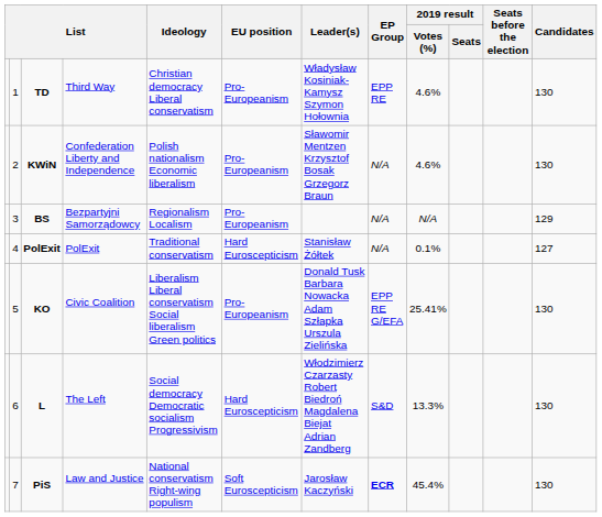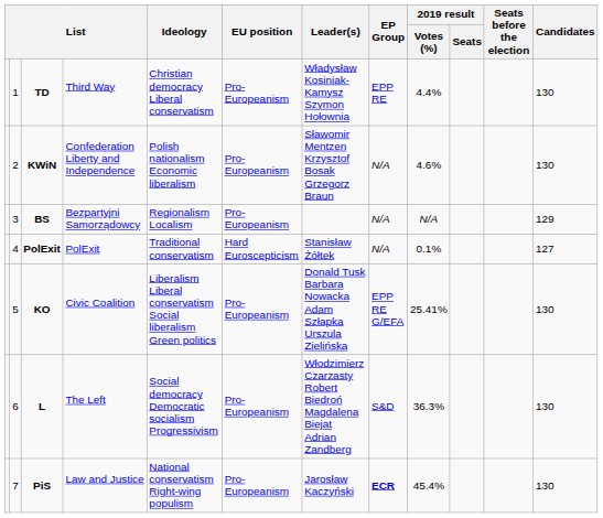 <table class="wikitable mw-collapsible">
 <tr>
 <th colspan="4" rowspan="2">List</th>
 <th rowspan="2">Ideology</th>
 <th rowspan="2">EU position</th>
 <th rowspan="2">Leader(s)</th>
 <th rowspan="2">EP Group</th>
 <th colspan="2">2019 result</th>
 <th rowspan="2">Seats before the election</th>
 <th rowspan="2">Candidates</th>
 </tr>
 <tr>
 <th>Votes (%)</th>
 <th>Seats</th>
 </tr>
 <tr>
 <td style="background:"></td>
 <td>1</td>
 <td style="text-align:center;"><strong>TD</strong></td>
 <td><a href='#'>Third Way</a><br><br></td>
 <td><a href='#'>Christian democracy</a><br><a href='#'>Liberal conservatism</a></td>
 <td><a href='#'>Pro-Europeanism</a></td>
 <td><a href='#'>Władysław Kosiniak-Kamysz</a><br><a href='#'>Szymon Hołownia</a></td>
 <td><a href='#'>EPP</a><br><a href='#'>RE</a></td>
-<td style="text-align:center;">4.6%</td>
+<td style="text-align:center;">4.4%</td>
 <td></td>
 <td></td>
 <td>130</td>
 </tr>
 <tr>
 <td style="background:"></td>
 <td>2</td>
 <td style="text-align:center;"><strong>KWiN</strong></td>
 <td><a href='#'>Confederation Liberty and Independence</a><br><br></td>
 <td><a href='#'>Polish nationalism</a><br><a href='#'>Economic liberalism</a></td>
 <td><a href='#'>Pro-Europeanism</a></td>
 <td><a href='#'>Sławomir Mentzen</a><br><a href='#'>Krzysztof Bosak</a><br><a href='#'>Grzegorz Braun</a></td>
 <td><em>N/A</em></td>
 <td style="text-align:center;">4.6%</td>
 <td></td>
 <td></td>
 <td>130</td>
 </tr>
 <tr>
 <td style="background:"></td>
 <td>3</td>
 <td style="text-align:center;"><strong>BS</strong></td>
 <td><a href='#'>Bezpartyjni Samorządowcy</a><br></td>
 <td><a href='#'>Regionalism</a><br><a href='#'>Localism</a></td>
 <td><a href='#'>Pro-Europeanism</a></td>
 <td></td>
 <td><em>N/A</em></td>
 <td style="text-align:center;"><em>N/A</em></td>
 <td></td>
 <td></td>
 <td>129</td>
 </tr>
 <tr>
 <td style="background:"></td>
 <td>4</td>
 <td style="text-align:center;"><strong>PolExit</strong></td>
 <td><a href='#'>PolExit</a><br></td>
 <td><a href='#'>Traditional conservatism</a></td>
 <td><a href='#'>Hard Euroscepticism</a></td>
 <td><a href='#'>Stanisław Żółtek</a></td>
 <td><em>N/A</em></td>
 <td style="text-align:center;">0.1%</td>
 <td></td>
 <td></td>
 <td>127</td>
 </tr>
 <tr>
 <td style="background:"></td>
 <td>5</td>
 <td style="text-align:center;"><strong>KO</strong></td>
 <td><a href='#'>Civic Coalition</a><br><br></td>
 <td><a href='#'>Liberalism</a><br><a href='#'>Liberal conservatism</a><br><a href='#'>Social liberalism</a><br><a href='#'>Green politics</a></td>
 <td><a href='#'>Pro-Europeanism</a></td>
 <td><a href='#'>Donald Tusk</a><br><a href='#'>Barbara Nowacka</a><br><a href='#'>Adam Szłapka</a><br><a href='#'>Urszula Zielińska</a></td>
 <td><a href='#'>EPP</a><br><a href='#'>RE</a><br><a href='#'>G/EFA</a></td>
 <td style="text-align:center;">25.41%</td>
 <td></td>
 <td></td>
 <td>130</td>
 </tr>
 <tr>
 <td style="background:"></td>
 <td>6</td>
 <td style="text-align:center;"><strong>L</strong></td>
 <td><a href='#'>The Left</a><br><br></td>
 <td><a href='#'>Social democracy</a><br><a href='#'>Democratic socialism</a><br><a href='#'>Progressivism</a></td>
-<td><a href='#'>Hard Euroscepticism</a></td>
+<td><a href='#'>Pro-Europeanism</a></td>
 <td><a href='#'>Włodzimierz Czarzasty</a><br><a href='#'>Robert Biedroń</a><br><a href='#'>Magdalena Biejat</a><br><a href='#'>Adrian Zandberg</a></td>
 <td><a href='#'>S&D</a></td>
-<td style="text-align:center;">13.3%</td>
+<td style="text-align:center;">36.3%</td>
 <td></td>
 <td></td>
 <td>130</td>
 </tr>
 <tr>
 <td style="background:"></td>
 <td>7</td>
 <td style="text-align:center;"><strong>PiS</strong></td>
 <td><a href='#'>Law and Justice</a><br><br></td>
 <td><a href='#'>National conservatism</a><br><a href='#'>Right-wing populism</a></td>
-<td><a href='#'>Soft Euroscepticism</a></td>
+<td><a href='#'>Pro-Europeanism</a></td>
 <td><a href='#'>Jarosław Kaczyński</a></td>
 <td><strong><a href='#'>ECR</a></strong></td>
 <td style="text-align:center;">45.4%</td>
 <td></td>
 <td></td>
 <td>130</td>
 </tr>
 </table>
